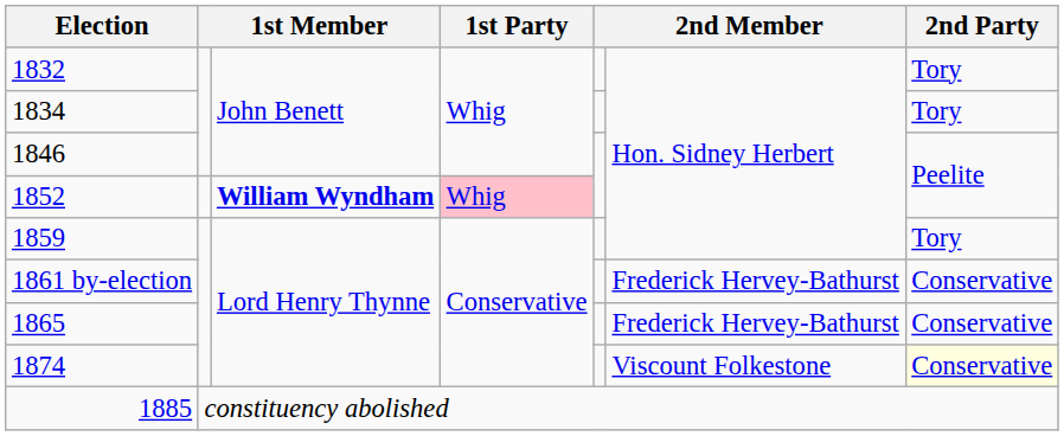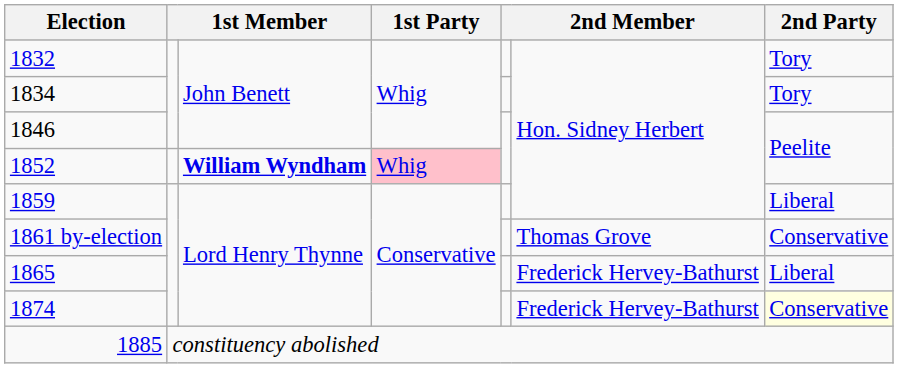 <table class="wikitable">
 <tr>
 <th>Election</th>
 <th colspan="2">1st Member</th>
 <th>1st Party</th>
 <th colspan="2">2nd Member</th>
 <th>2nd Party</th>
 </tr>
 <tr>
 <td><a href='#'>1832</a></td>
 <td rowspan="3" style="color:inherit;background-color: "></td>
 <td rowspan="3"><a href='#'>John Benett</a></td>
 <td rowspan="3"><a href='#'>Whig</a></td>
 <td style="color:inherit;background-color: "></td>
 <td rowspan="5"><a href='#'>Hon. Sidney Herbert</a></td>
 <td><a href='#'>Tory</a></td>
 </tr>
 <tr>
 <td>1834</td>
 <td style="color:inherit;background-color: "></td>
 <td><a href='#'>Tory</a></td>
 </tr>
 <tr>
 <td>1846</td>
 <td rowspan="2" style="color:inherit;background-color: "></td>
 <td rowspan="2"><a href='#'>Peelite</a></td>
 </tr>
 <tr>
 <td><a href='#'>1852</a></td>
 <td style="color:inherit;background-color: "></td>
 <td><strong><a href='#'>William Wyndham</a></strong></td>
 <td style="background: pink;"><a href='#'>Whig</a></td>
 </tr>
 <tr>
 <td><a href='#'>1859</a></td>
 <td rowspan="4" style="color:inherit;background-color: "></td>
 <td rowspan="4"><a href='#'>Lord Henry Thynne</a></td>
 <td rowspan="4"><a href='#'>Conservative</a></td>
 <td style="color:inherit;background-color: "></td>
-<td><a href='#'>Tory</a></td>
+<td><a href='#'>Liberal</a></td>
 </tr>
 <tr>
 <td><a href='#'>1861 by-election</a></td>
 <td style="color:inherit;background-color: "></td>
-<td><a href='#'>Frederick Hervey-Bathurst</a></td>
+<td><a href='#'>Thomas Grove</a></td>
 <td><a href='#'>Conservative</a></td>
 </tr>
 <tr>
 <td><a href='#'>1865</a></td>
 <td style="color:inherit;background-color: "></td>
 <td><a href='#'>Frederick Hervey-Bathurst</a></td>
-<td><a href='#'>Conservative</a></td>
+<td><a href='#'>Liberal</a></td>
 </tr>
 <tr>
 <td><a href='#'>1874</a></td>
 <td style="color:inherit;background-color: "></td>
-<td><a href='#'>Viscount Folkestone</a></td>
+<td><a href='#'>Frederick Hervey-Bathurst</a></td>
 <td style="background: lightyellow;"><a href='#'>Conservative</a></td>
 </tr>
 <tr>
 <td align="right"><a href='#'>1885</a></td>
 <td colspan="6"><em>constituency abolished</em></td>
 </tr>
 </table>
